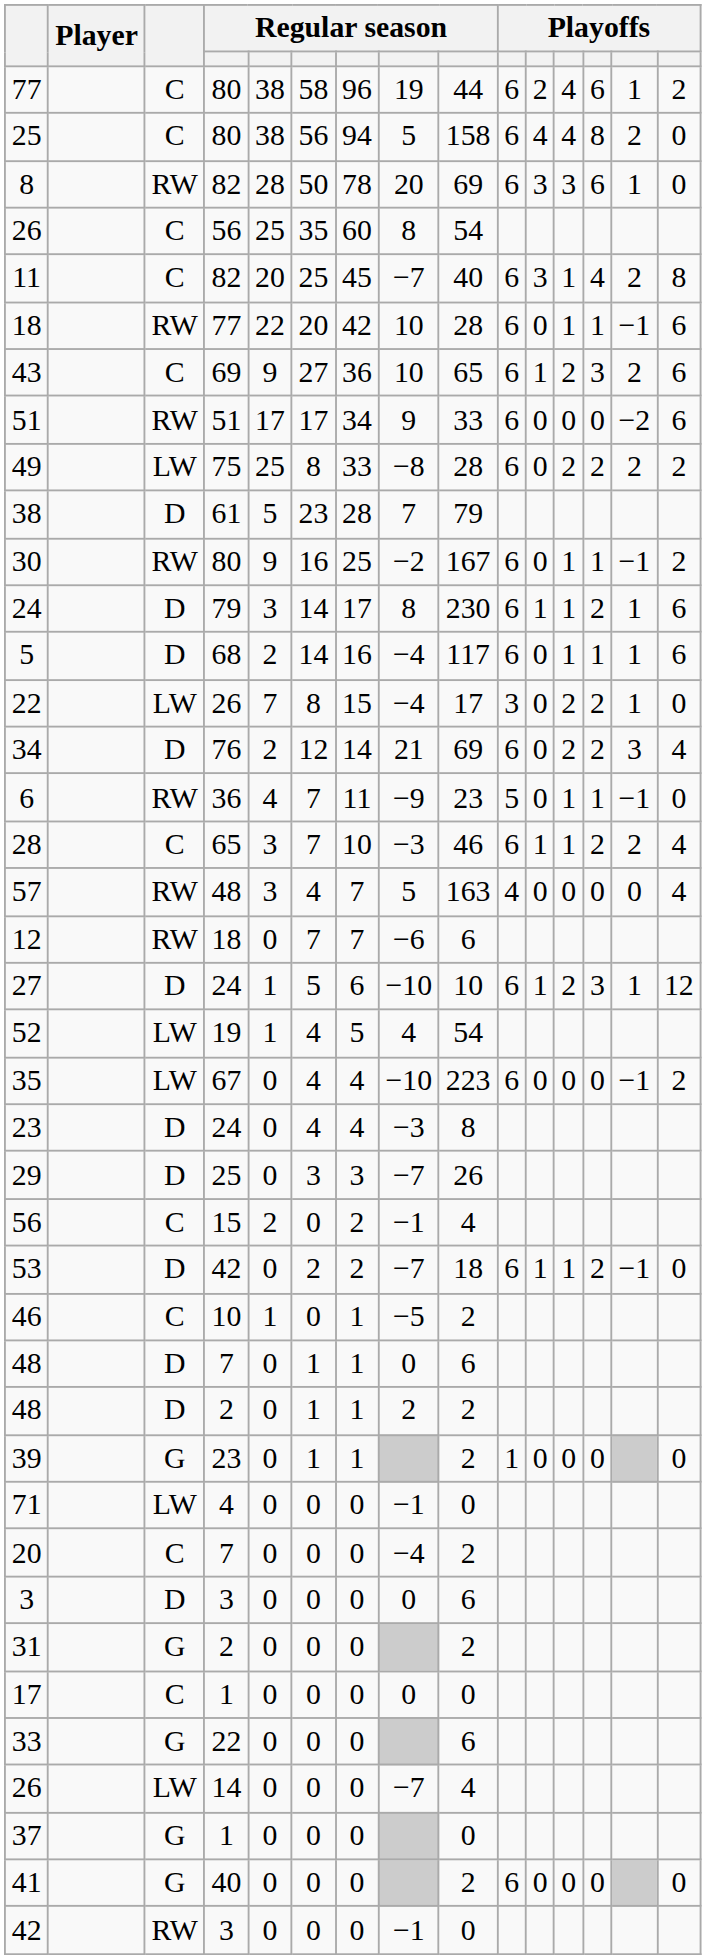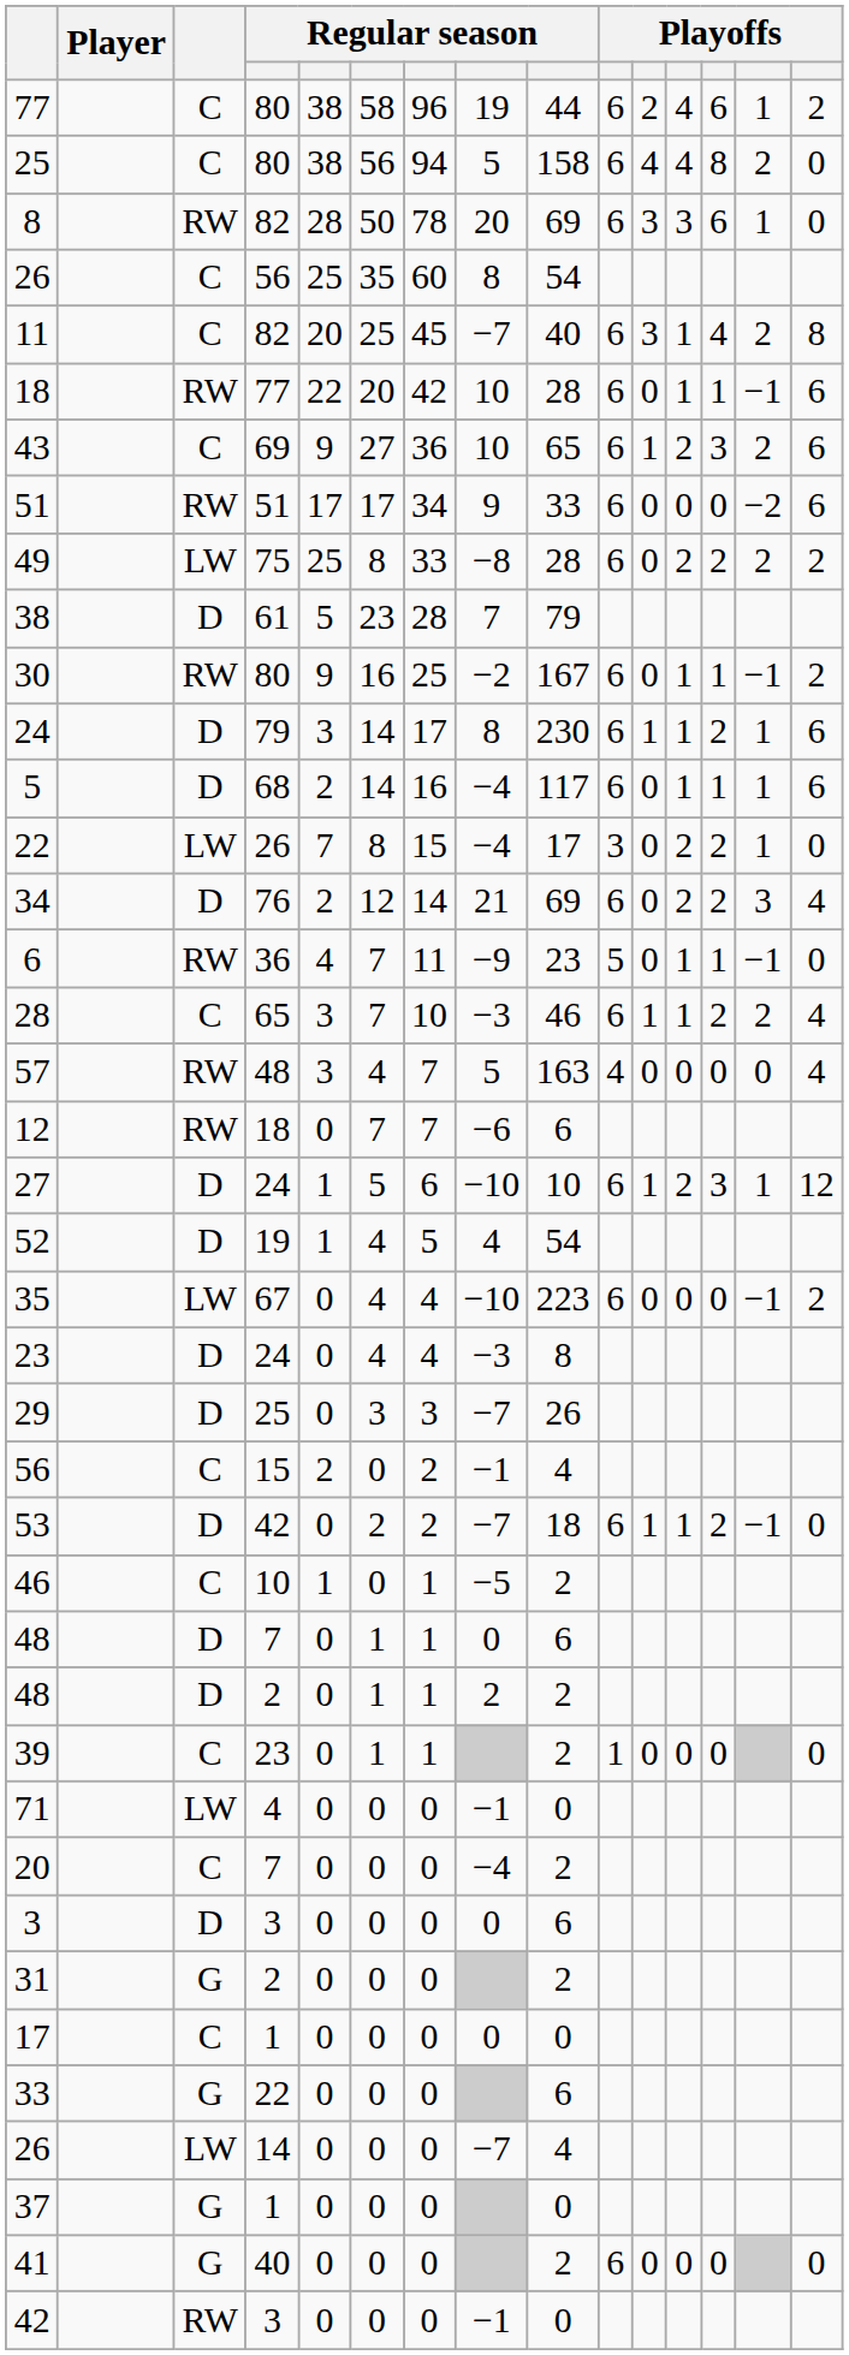 <table class="wikitable sortable plainrowheaders" style="text-align:center;">
 <tr>
 <th scope="col" data-sort-type="number" rowspan="2"></th>
 <th scope="col" rowspan="2">Player</th>
 <th scope="col" rowspan="2"></th>
 <th scope=colgroup colspan=6>Regular season</th>
 <th scope=colgroup colspan=6>Playoffs</th>
 </tr>
 <tr>
 <th scope="col" data-sort-type="number"></th>
 <th scope="col" data-sort-type="number"></th>
 <th scope="col" data-sort-type="number"></th>
 <th scope="col" data-sort-type="number"></th>
 <th scope="col" data-sort-type="number"></th>
 <th scope="col" data-sort-type="number"></th>
 <th scope="col" data-sort-type="number"></th>
 <th scope="col" data-sort-type="number"></th>
 <th scope="col" data-sort-type="number"></th>
 <th scope="col" data-sort-type="number"></th>
 <th scope="col" data-sort-type="number"></th>
 <th scope="col" data-sort-type="number"></th>
 </tr>
 <tr>
 <td scope="row">77</td>
 <td align="left"></td>
 <td>C</td>
 <td>80</td>
 <td>38</td>
 <td>58</td>
 <td>96</td>
 <td>19</td>
 <td>44</td>
 <td>6</td>
 <td>2</td>
 <td>4</td>
 <td>6</td>
 <td>1</td>
 <td>2</td>
 </tr>
 <tr>
 <td scope="row">25</td>
 <td align="left"></td>
 <td>C</td>
 <td>80</td>
 <td>38</td>
 <td>56</td>
 <td>94</td>
 <td>5</td>
 <td>158</td>
 <td>6</td>
 <td>4</td>
 <td>4</td>
 <td>8</td>
 <td>2</td>
 <td>0</td>
 </tr>
 <tr>
 <td scope="row">8</td>
 <td align="left"></td>
 <td>RW</td>
 <td>82</td>
 <td>28</td>
 <td>50</td>
 <td>78</td>
 <td>20</td>
 <td>69</td>
 <td>6</td>
 <td>3</td>
 <td>3</td>
 <td>6</td>
 <td>1</td>
 <td>0</td>
 </tr>
 <tr>
 <td scope="row">26</td>
 <td align="left"></td>
 <td>C</td>
 <td>56</td>
 <td>25</td>
 <td>35</td>
 <td>60</td>
 <td>8</td>
 <td>54</td>
 <td></td>
 <td></td>
 <td></td>
 <td></td>
 <td></td>
 <td></td>
 </tr>
 <tr>
 <td scope="row">11</td>
 <td align="left"></td>
 <td>C</td>
 <td>82</td>
 <td>20</td>
 <td>25</td>
 <td>45</td>
 <td>−7</td>
 <td>40</td>
 <td>6</td>
 <td>3</td>
 <td>1</td>
 <td>4</td>
 <td>2</td>
 <td>8</td>
 </tr>
 <tr>
 <td scope="row">18</td>
 <td align="left"></td>
 <td>RW</td>
 <td>77</td>
 <td>22</td>
 <td>20</td>
 <td>42</td>
 <td>10</td>
 <td>28</td>
 <td>6</td>
 <td>0</td>
 <td>1</td>
 <td>1</td>
 <td>−1</td>
 <td>6</td>
 </tr>
 <tr>
 <td scope="row">43</td>
 <td align="left"></td>
 <td>C</td>
 <td>69</td>
 <td>9</td>
 <td>27</td>
 <td>36</td>
 <td>10</td>
 <td>65</td>
 <td>6</td>
 <td>1</td>
 <td>2</td>
 <td>3</td>
 <td>2</td>
 <td>6</td>
 </tr>
 <tr>
 <td scope="row">51</td>
 <td align="left"></td>
 <td>RW</td>
 <td>51</td>
 <td>17</td>
 <td>17</td>
 <td>34</td>
 <td>9</td>
 <td>33</td>
 <td>6</td>
 <td>0</td>
 <td>0</td>
 <td>0</td>
 <td>−2</td>
 <td>6</td>
 </tr>
 <tr>
 <td scope="row">49</td>
 <td align="left"></td>
 <td>LW</td>
 <td>75</td>
 <td>25</td>
 <td>8</td>
 <td>33</td>
 <td>−8</td>
 <td>28</td>
 <td>6</td>
 <td>0</td>
 <td>2</td>
 <td>2</td>
 <td>2</td>
 <td>2</td>
 </tr>
 <tr>
 <td scope="row">38</td>
 <td align="left"></td>
 <td>D</td>
 <td>61</td>
 <td>5</td>
 <td>23</td>
 <td>28</td>
 <td>7</td>
 <td>79</td>
 <td></td>
 <td></td>
 <td></td>
 <td></td>
 <td></td>
 <td></td>
 </tr>
 <tr>
 <td scope="row">30</td>
 <td align="left"></td>
 <td>RW</td>
 <td>80</td>
 <td>9</td>
 <td>16</td>
 <td>25</td>
 <td>−2</td>
 <td>167</td>
 <td>6</td>
 <td>0</td>
 <td>1</td>
 <td>1</td>
 <td>−1</td>
 <td>2</td>
 </tr>
 <tr>
 <td scope="row">24</td>
 <td align="left"></td>
 <td>D</td>
 <td>79</td>
 <td>3</td>
 <td>14</td>
 <td>17</td>
 <td>8</td>
 <td>230</td>
 <td>6</td>
 <td>1</td>
 <td>1</td>
 <td>2</td>
 <td>1</td>
 <td>6</td>
 </tr>
 <tr>
 <td scope="row">5</td>
 <td align="left"></td>
 <td>D</td>
 <td>68</td>
 <td>2</td>
 <td>14</td>
 <td>16</td>
 <td>−4</td>
 <td>117</td>
 <td>6</td>
 <td>0</td>
 <td>1</td>
 <td>1</td>
 <td>1</td>
 <td>6</td>
 </tr>
 <tr>
 <td scope="row">22</td>
 <td align="left"></td>
 <td>LW</td>
 <td>26</td>
 <td>7</td>
 <td>8</td>
 <td>15</td>
 <td>−4</td>
 <td>17</td>
 <td>3</td>
 <td>0</td>
 <td>2</td>
 <td>2</td>
 <td>1</td>
 <td>0</td>
 </tr>
 <tr>
 <td scope="row">34</td>
 <td align="left"></td>
 <td>D</td>
 <td>76</td>
 <td>2</td>
 <td>12</td>
 <td>14</td>
 <td>21</td>
 <td>69</td>
 <td>6</td>
 <td>0</td>
 <td>2</td>
 <td>2</td>
 <td>3</td>
 <td>4</td>
 </tr>
 <tr>
 <td scope="row">6</td>
 <td align="left"></td>
 <td>RW</td>
 <td>36</td>
 <td>4</td>
 <td>7</td>
 <td>11</td>
 <td>−9</td>
 <td>23</td>
 <td>5</td>
 <td>0</td>
 <td>1</td>
 <td>1</td>
 <td>−1</td>
 <td>0</td>
 </tr>
 <tr>
 <td scope="row">28</td>
 <td align="left"></td>
 <td>C</td>
 <td>65</td>
 <td>3</td>
 <td>7</td>
 <td>10</td>
 <td>−3</td>
 <td>46</td>
 <td>6</td>
 <td>1</td>
 <td>1</td>
 <td>2</td>
 <td>2</td>
 <td>4</td>
 </tr>
 <tr>
 <td scope="row">57</td>
 <td align="left"></td>
 <td>RW</td>
 <td>48</td>
 <td>3</td>
 <td>4</td>
 <td>7</td>
 <td>5</td>
 <td>163</td>
 <td>4</td>
 <td>0</td>
 <td>0</td>
 <td>0</td>
 <td>0</td>
 <td>4</td>
 </tr>
 <tr>
 <td scope="row">12</td>
 <td align="left"></td>
 <td>RW</td>
 <td>18</td>
 <td>0</td>
 <td>7</td>
 <td>7</td>
 <td>−6</td>
 <td>6</td>
 <td></td>
 <td></td>
 <td></td>
 <td></td>
 <td></td>
 <td></td>
 </tr>
 <tr>
 <td scope="row">27</td>
 <td align="left"></td>
 <td>D</td>
 <td>24</td>
 <td>1</td>
 <td>5</td>
 <td>6</td>
 <td>−10</td>
 <td>10</td>
 <td>6</td>
 <td>1</td>
 <td>2</td>
 <td>3</td>
 <td>1</td>
 <td>12</td>
 </tr>
 <tr>
 <td scope="row">52</td>
 <td align="left"></td>
-<td>LW</td>
+<td>D</td>
 <td>19</td>
 <td>1</td>
 <td>4</td>
 <td>5</td>
 <td>4</td>
 <td>54</td>
 <td></td>
 <td></td>
 <td></td>
 <td></td>
 <td></td>
 <td></td>
 </tr>
 <tr>
 <td scope="row">35</td>
 <td align="left"></td>
 <td>LW</td>
 <td>67</td>
 <td>0</td>
 <td>4</td>
 <td>4</td>
 <td>−10</td>
 <td>223</td>
 <td>6</td>
 <td>0</td>
 <td>0</td>
 <td>0</td>
 <td>−1</td>
 <td>2</td>
 </tr>
 <tr>
 <td scope="row">23</td>
 <td align="left"></td>
 <td>D</td>
 <td>24</td>
 <td>0</td>
 <td>4</td>
 <td>4</td>
 <td>−3</td>
 <td>8</td>
 <td></td>
 <td></td>
 <td></td>
 <td></td>
 <td></td>
 <td></td>
 </tr>
 <tr>
 <td scope="row">29</td>
 <td align="left"></td>
 <td>D</td>
 <td>25</td>
 <td>0</td>
 <td>3</td>
 <td>3</td>
 <td>−7</td>
 <td>26</td>
 <td></td>
 <td></td>
 <td></td>
 <td></td>
 <td></td>
 <td></td>
 </tr>
 <tr>
 <td scope="row">56</td>
 <td align="left"></td>
 <td>C</td>
 <td>15</td>
 <td>2</td>
 <td>0</td>
 <td>2</td>
 <td>−1</td>
 <td>4</td>
 <td></td>
 <td></td>
 <td></td>
 <td></td>
 <td></td>
 <td></td>
 </tr>
 <tr>
 <td scope="row">53</td>
 <td align="left"></td>
 <td>D</td>
 <td>42</td>
 <td>0</td>
 <td>2</td>
 <td>2</td>
 <td>−7</td>
 <td>18</td>
 <td>6</td>
 <td>1</td>
 <td>1</td>
 <td>2</td>
 <td>−1</td>
 <td>0</td>
 </tr>
 <tr>
 <td scope="row">46</td>
 <td align="left"></td>
 <td>C</td>
 <td>10</td>
 <td>1</td>
 <td>0</td>
 <td>1</td>
 <td>−5</td>
 <td>2</td>
 <td></td>
 <td></td>
 <td></td>
 <td></td>
 <td></td>
 <td></td>
 </tr>
 <tr>
 <td scope="row">48</td>
 <td align="left"></td>
 <td>D</td>
 <td>7</td>
 <td>0</td>
 <td>1</td>
 <td>1</td>
 <td>0</td>
 <td>6</td>
 <td></td>
 <td></td>
 <td></td>
 <td></td>
 <td></td>
 <td></td>
 </tr>
 <tr>
 <td scope="row">48</td>
 <td align="left"></td>
 <td>D</td>
 <td>2</td>
 <td>0</td>
 <td>1</td>
 <td>1</td>
 <td>2</td>
 <td>2</td>
 <td></td>
 <td></td>
 <td></td>
 <td></td>
 <td></td>
 <td></td>
 </tr>
 <tr>
 <td scope="row">39</td>
 <td align="left"></td>
-<td>G</td>
+<td>C</td>
 <td>23</td>
 <td>0</td>
 <td>1</td>
 <td>1</td>
 <td style="background:#ccc"></td>
 <td>2</td>
 <td>1</td>
 <td>0</td>
 <td>0</td>
 <td>0</td>
 <td style="background:#ccc"></td>
 <td>0</td>
 </tr>
 <tr>
 <td scope="row">71</td>
 <td align="left"></td>
 <td>LW</td>
 <td>4</td>
 <td>0</td>
 <td>0</td>
 <td>0</td>
 <td>−1</td>
 <td>0</td>
 <td></td>
 <td></td>
 <td></td>
 <td></td>
 <td></td>
 <td></td>
 </tr>
 <tr>
 <td scope="row">20</td>
 <td align="left"></td>
 <td>C</td>
 <td>7</td>
 <td>0</td>
 <td>0</td>
 <td>0</td>
 <td>−4</td>
 <td>2</td>
 <td></td>
 <td></td>
 <td></td>
 <td></td>
 <td></td>
 <td></td>
 </tr>
 <tr>
 <td scope="row">3</td>
 <td align="left"></td>
 <td>D</td>
 <td>3</td>
 <td>0</td>
 <td>0</td>
 <td>0</td>
 <td>0</td>
 <td>6</td>
 <td></td>
 <td></td>
 <td></td>
 <td></td>
 <td></td>
 <td></td>
 </tr>
 <tr>
 <td scope="row">31</td>
 <td align="left"></td>
 <td>G</td>
 <td>2</td>
 <td>0</td>
 <td>0</td>
 <td>0</td>
 <td style="background:#ccc"></td>
 <td>2</td>
 <td></td>
 <td></td>
 <td></td>
 <td></td>
 <td></td>
 <td></td>
 </tr>
 <tr>
 <td scope="row">17</td>
 <td align="left"></td>
 <td>C</td>
 <td>1</td>
 <td>0</td>
 <td>0</td>
 <td>0</td>
 <td>0</td>
 <td>0</td>
 <td></td>
 <td></td>
 <td></td>
 <td></td>
 <td></td>
 <td></td>
 </tr>
 <tr>
 <td scope="row">33</td>
 <td align="left"></td>
 <td>G</td>
 <td>22</td>
 <td>0</td>
 <td>0</td>
 <td>0</td>
 <td style="background:#ccc"></td>
 <td>6</td>
 <td></td>
 <td></td>
 <td></td>
 <td></td>
 <td></td>
 <td></td>
 </tr>
 <tr>
 <td scope="row">26</td>
 <td align="left"></td>
 <td>LW</td>
 <td>14</td>
 <td>0</td>
 <td>0</td>
 <td>0</td>
 <td>−7</td>
 <td>4</td>
 <td></td>
 <td></td>
 <td></td>
 <td></td>
 <td></td>
 <td></td>
 </tr>
 <tr>
 <td scope="row">37</td>
 <td align="left"></td>
 <td>G</td>
 <td>1</td>
 <td>0</td>
 <td>0</td>
 <td>0</td>
 <td style="background:#ccc"></td>
 <td>0</td>
 <td></td>
 <td></td>
 <td></td>
 <td></td>
 <td></td>
 <td></td>
 </tr>
 <tr>
 <td scope="row">41</td>
 <td align="left"></td>
 <td>G</td>
 <td>40</td>
 <td>0</td>
 <td>0</td>
 <td>0</td>
 <td style="background:#ccc"></td>
 <td>2</td>
 <td>6</td>
 <td>0</td>
 <td>0</td>
 <td>0</td>
 <td style="background:#ccc"></td>
 <td>0</td>
 </tr>
 <tr>
 <td scope="row">42</td>
 <td align="left"></td>
 <td>RW</td>
 <td>3</td>
 <td>0</td>
 <td>0</td>
 <td>0</td>
 <td>−1</td>
 <td>0</td>
 <td></td>
 <td></td>
 <td></td>
 <td></td>
 <td></td>
 <td></td>
 </tr>
 </table>
